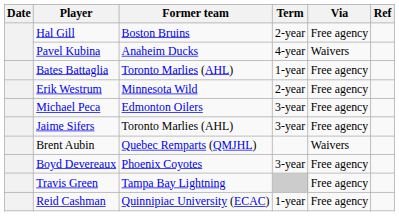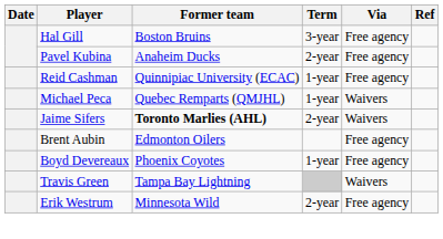 <table class="wikitable plainrowheaders">
 <tr style="background:#ddd; text-align:center;">
 <th>Date</th>
 <th>Player</th>
 <th>Former team</th>
 <th>Term</th>
 <th>Via</th>
 <th>Ref</th>
 </tr>
 <tr>
 <th scope="row" rowspan=2></th>
 <td><a href='#'>Hal Gill</a></td>
 <td><a href='#'>Boston Bruins</a></td>
-<td>2-year</td>
+<td>3-year</td>
 <td>Free agency</td>
 <td></td>
 </tr>
 <tr>
 <td><a href='#'>Pavel Kubina</a></td>
 <td><a href='#'>Anaheim Ducks</a></td>
-<td>4-year</td>
-<td>Waivers</td>
-<td></td>
-</tr>
-<tr>
-<th scope="row"></th>
-<td><a href='#'>Bates Battaglia</a></td>
-<td><a href='#'>Toronto Marlies</a> (<a href='#'>AHL</a>)</td>
-<td>1-year</td>
-<td>Free agency</td>
-<td></td>
-</tr>
-<tr>
-<th scope="row"></th>
-<td><a href='#'>Erik Westrum</a></td>
-<td><a href='#'>Minnesota Wild</a></td>
 <td>2-year</td>
-<td>Free agency</td>
-<td></td>
-</tr>
-<tr>
-<th scope="row"></th>
-<td><a href='#'>Michael Peca</a></td>
-<td><a href='#'>Edmonton Oilers</a></td>
-<td>3-year</td>
-<td>Free agency</td>
-<td></td>
-</tr>
-<tr>
-<th scope="row"></th>
-<td><a href='#'>Jaime Sifers</a></td>
-<td>Toronto Marlies (AHL)</td>
-<td>3-year</td>
-<td>Free agency</td>
-<td></td>
-</tr>
-<tr>
-<th scope="row"></th>
-<td>Brent Aubin</td>
-<td><a href='#'>Quebec Remparts</a> (<a href='#'>QMJHL</a>)</td>
-<td></td>
-<td>Waivers</td>
-<td></td>
-</tr>
-<tr>
-<th scope="row"></th>
-<td><a href='#'>Boyd Devereaux</a></td>
-<td><a href='#'>Phoenix Coyotes</a></td>
-<td>3-year</td>
-<td>Free agency</td>
-<td></td>
-</tr>
-<tr>
-<th scope="row"></th>
-<td><a href='#'>Travis Green</a></td>
-<td><a href='#'>Tampa Bay Lightning</a></td>
-<td style="background:#ccc"></td>
 <td>Free agency</td>
 <td></td>
 </tr>
 <tr>
 <th scope="row"></th>
 <td><a href='#'>Reid Cashman</a></td>
 <td><a href='#'>Quinnipiac University</a> (<a href='#'>ECAC</a>)</td>
 <td>1-year</td>
 <td>Free agency</td>
 <td></td>
 </tr>
+<tr>
+<th scope="row"></th>
+<td><a href='#'>Michael Peca</a></td>
+<td><a href='#'>Quebec Remparts</a> (<a href='#'>QMJHL</a>)</td>
+<td>1-year</td>
+<td>Waivers</td>
+<td></td>
+</tr>
+<tr>
+<th scope="row"></th>
+<td><a href='#'>Jaime Sifers</a></td>
+<td><strong>Toronto Marlies (AHL)</strong></td>
+<td>2-year</td>
+<td>Waivers</td>
+<td></td>
+</tr>
+<tr>
+<th scope="row"></th>
+<td>Brent Aubin</td>
+<td><a href='#'>Edmonton Oilers</a></td>
+<td></td>
+<td>Free agency</td>
+<td></td>
+</tr>
+<tr>
+<th scope="row"></th>
+<td><a href='#'>Boyd Devereaux</a></td>
+<td><a href='#'>Phoenix Coyotes</a></td>
+<td>1-year</td>
+<td>Free agency</td>
+<td></td>
+</tr>
+<tr>
+<th scope="row"></th>
+<td><a href='#'>Travis Green</a></td>
+<td><a href='#'>Tampa Bay Lightning</a></td>
+<td style="background:#ccc"></td>
+<td>Waivers</td>
+<td></td>
+</tr>
+<tr>
+<th scope="row"></th>
+<td><a href='#'>Erik Westrum</a></td>
+<td><a href='#'>Minnesota Wild</a></td>
+<td>2-year</td>
+<td>Free agency</td>
+<td></td>
+</tr>
 </table>
